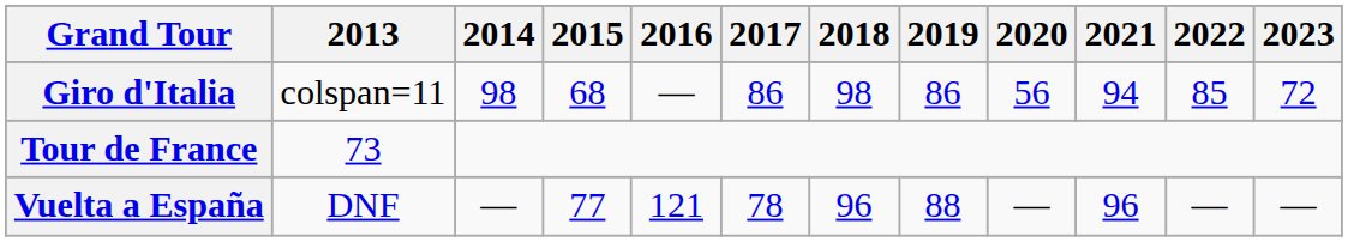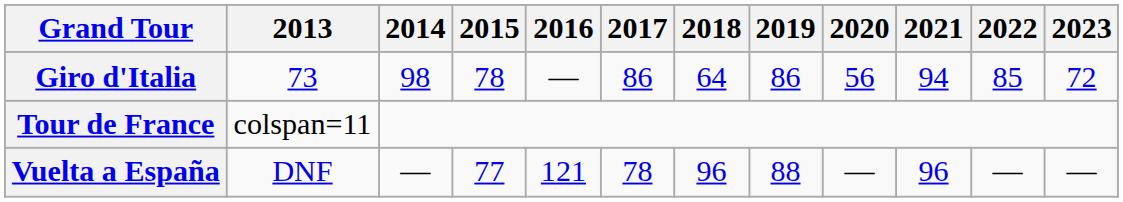 <table class="wikitable plainrowheaders">
 <tr>
 <th scope="col"><a href='#'>Grand Tour</a></th>
 <th scope="col">2013</th>
 <th scope="col">2014</th>
 <th scope="col">2015</th>
 <th scope="col">2016</th>
 <th scope="col">2017</th>
 <th scope="col">2018</th>
 <th scope="col">2019</th>
 <th scope="col">2020</th>
 <th scope="col">2021</th>
 <th scope="col">2022</th>
 <th scope="col">2023</th>
 </tr>
 <tr style="text-align:center;">
 <th scope="row"> <a href='#'>Giro d'Italia</a></th>
-<td>colspan=11 </td>
+<td><a href='#'>73</a></td>
 <td><a href='#'>98</a></td>
-<td><a href='#'>68</a></td>
+<td><a href='#'>78</a></td>
 <td>—</td>
 <td><a href='#'>86</a></td>
-<td><a href='#'>98</a></td>
+<td><a href='#'>64</a></td>
 <td><a href='#'>86</a></td>
 <td><a href='#'>56</a></td>
 <td><a href='#'>94</a></td>
 <td><a href='#'>85</a></td>
 <td><a href='#'>72</a></td>
 </tr>
 <tr style="text-align:center;">
 <th scope="row"> <a href='#'>Tour de France</a></th>
-<td><a href='#'>73</a></td>
+<td>colspan=11 </td>
 </tr>
 <tr style="text-align:center;">
 <th scope="row"> <a href='#'>Vuelta a España</a></th>
 <td><a href='#'>DNF</a></td>
 <td>—</td>
 <td><a href='#'>77</a></td>
 <td><a href='#'>121</a></td>
 <td><a href='#'>78</a></td>
 <td><a href='#'>96</a></td>
 <td><a href='#'>88</a></td>
 <td>—</td>
 <td><a href='#'>96</a></td>
 <td>—</td>
 <td>—</td>
 </tr>
 </table>
